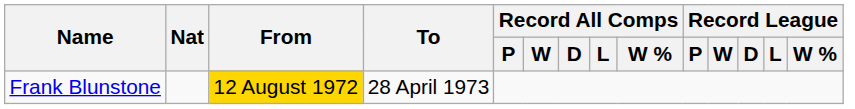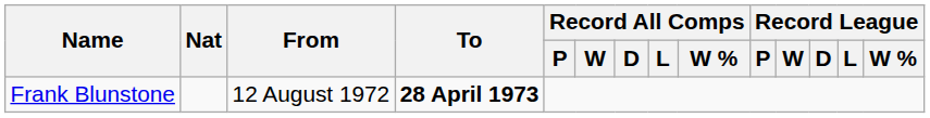 <table style="text-align: center" class="wikitable">
 <tr>
 <th rowspan="2">Name</th>
 <th rowspan="2">Nat</th>
 <th rowspan="2">From</th>
 <th rowspan="2">To</th>
 <th colspan="5">Record All Comps</th>
 <th colspan="5">Record League</th>
 </tr>
 <tr>
 <th>P</th>
 <th>W</th>
 <th>D</th>
 <th>L</th>
 <th>W %</th>
 <th>P</th>
 <th>W</th>
 <th>D</th>
 <th>L</th>
 <th>W %</th>
 </tr>
 <tr>
 <td style="text-align:left;"><a href='#'>Frank Blunstone</a></td>
 <td></td>
-<td style="background: gold; text-align:left;">12 August 1972</td>
-<td style="text-align:left;">28 April 1973<br> </td>
+<td style="text-align:left;">12 August 1972</td>
+<td style="text-align:left;"><strong>28 April 1973<br> </strong></td>
 </tr>
 </table>
